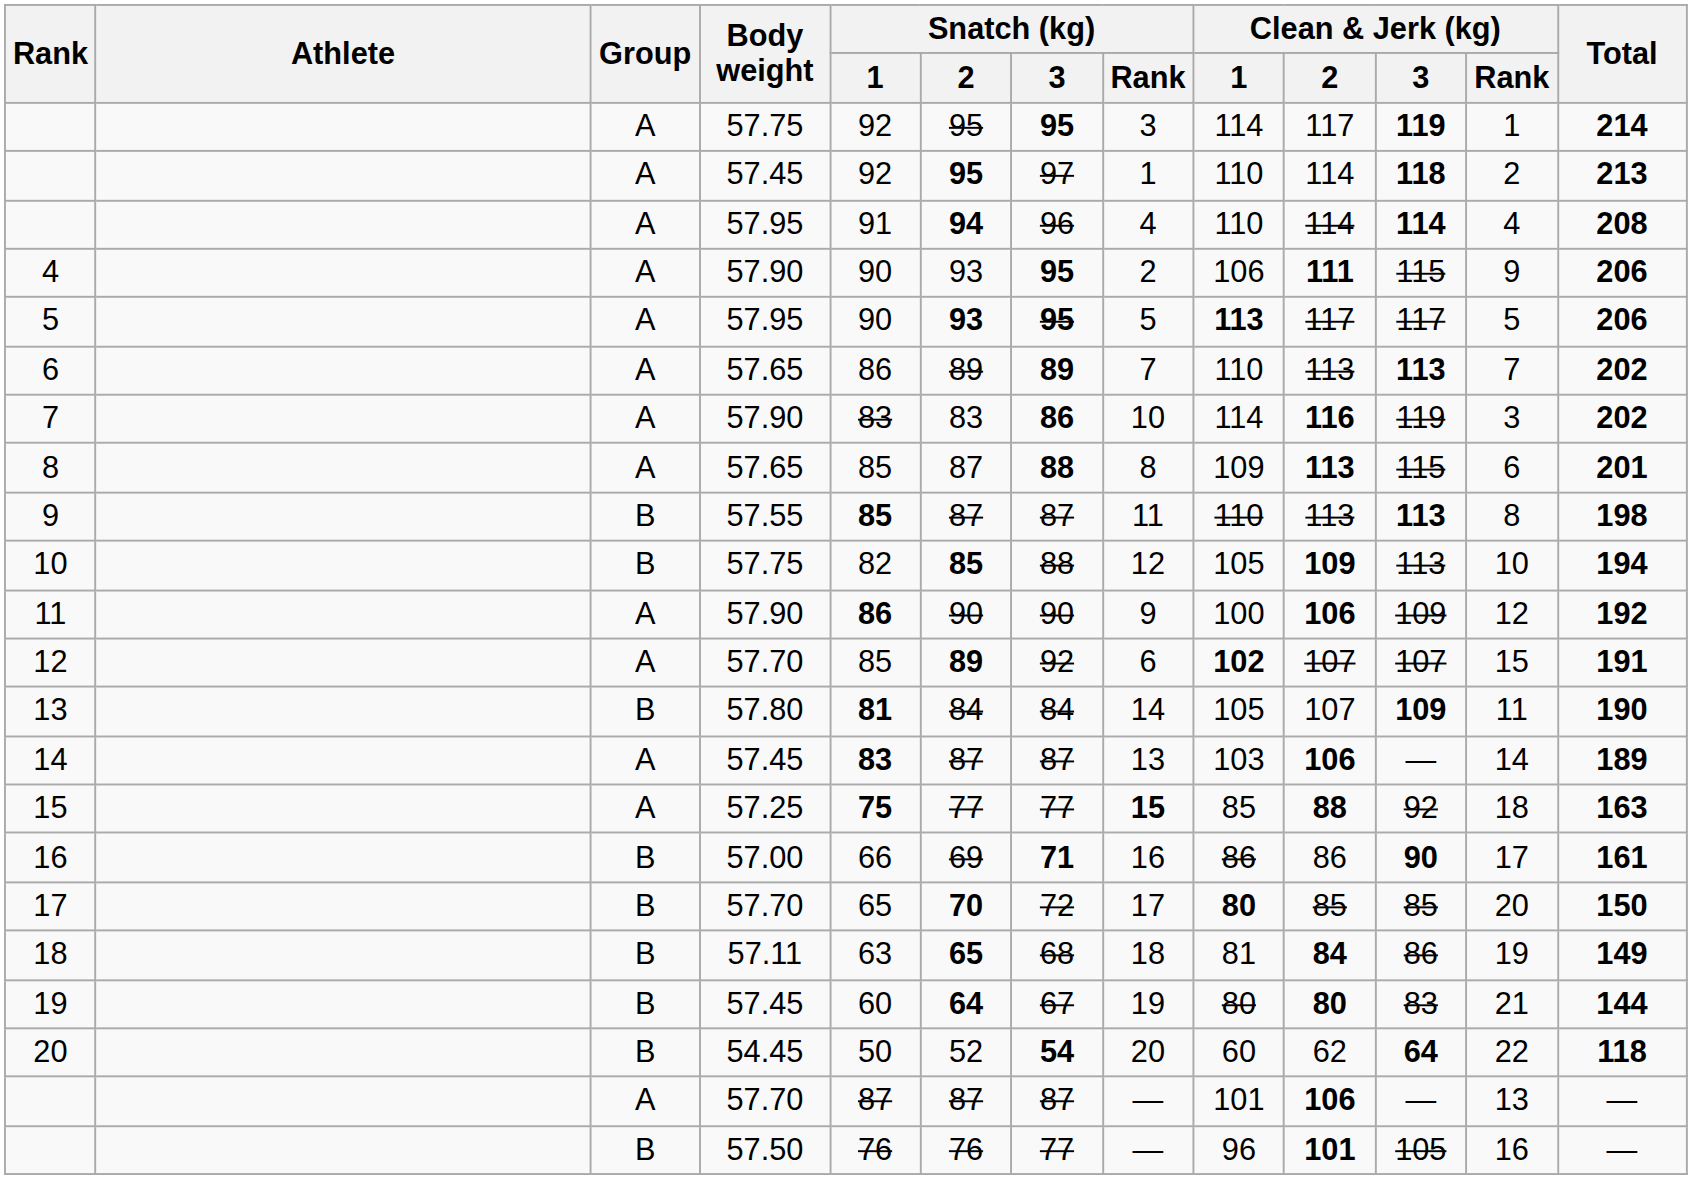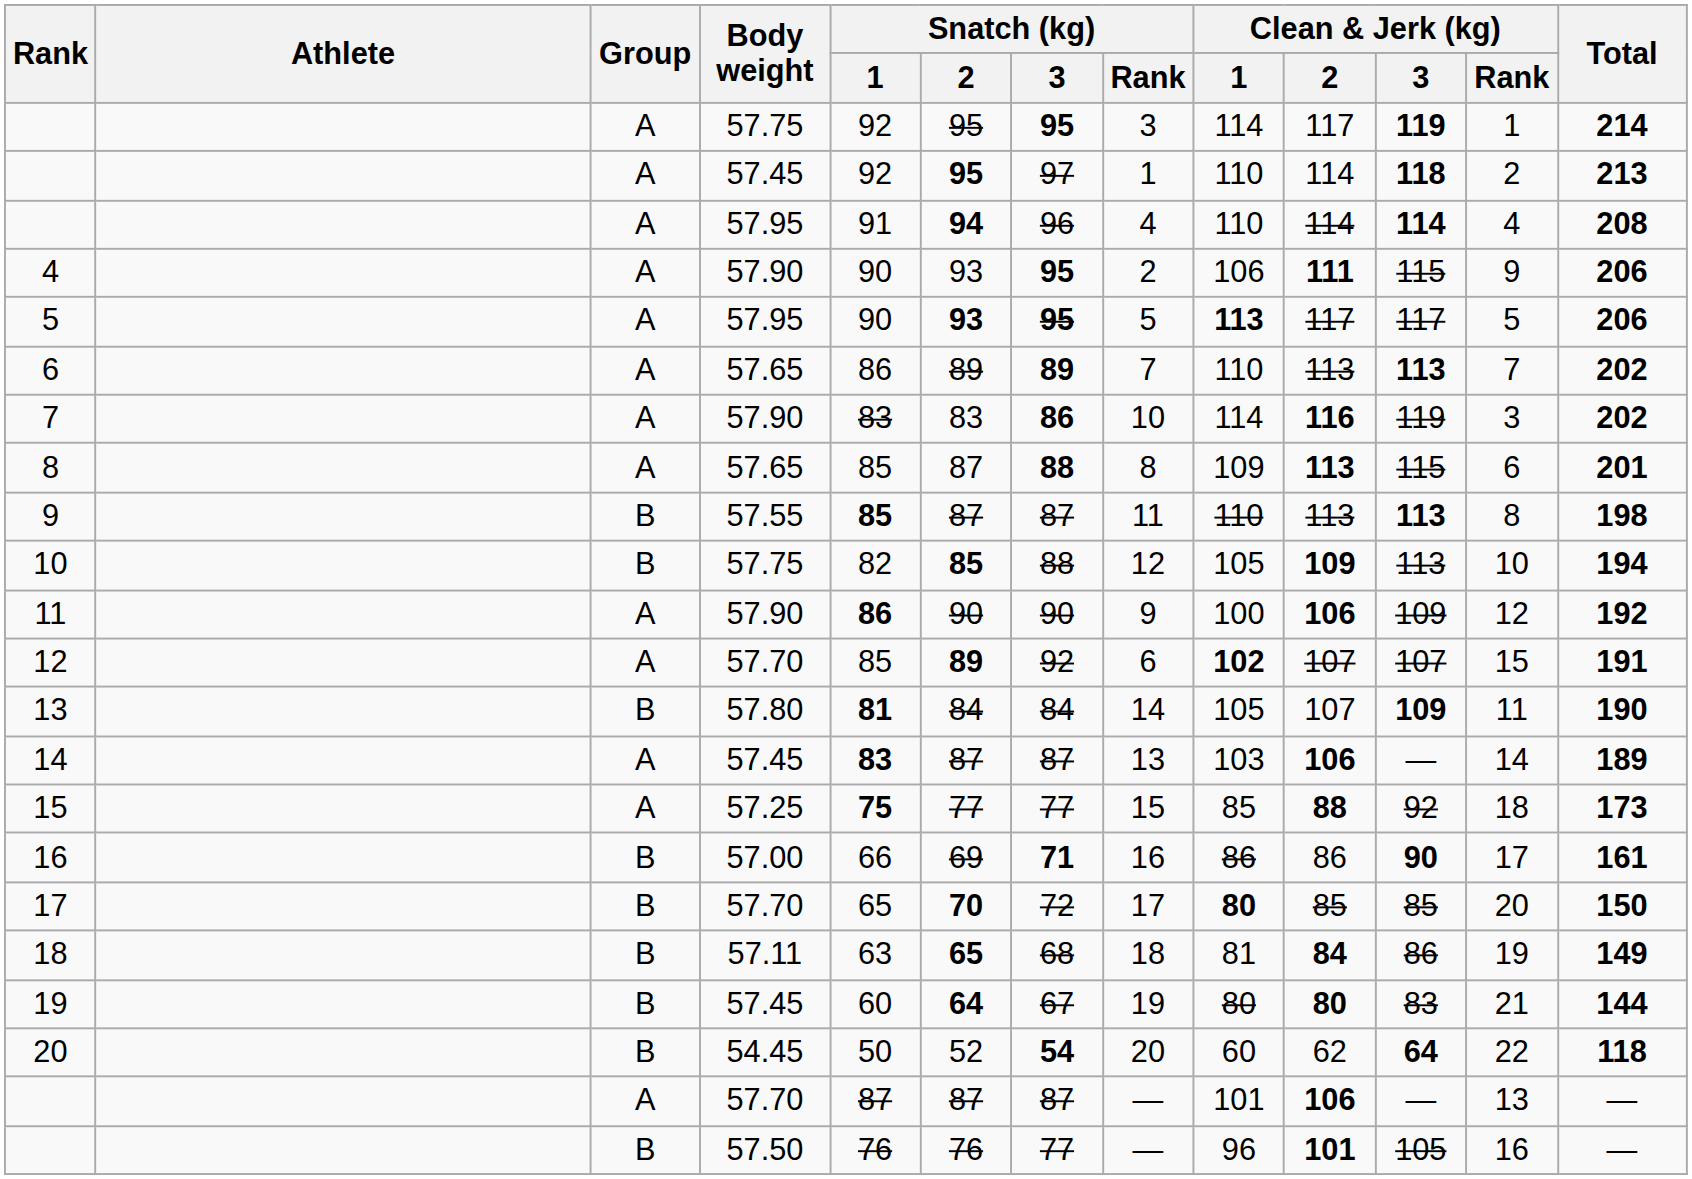 <table class = "wikitable" style="text-align:center;">
 <tr>
 <th rowspan=2 width=40>Rank</th>
 <th rowspan=2 width=250>Athlete</th>
 <th rowspan=2 width=50>Group</th>
 <th rowspan=2 width=60>Body weight</th>
 <th colspan=4>Snatch (kg)</th>
 <th colspan=4>Clean & Jerk (kg)</th>
 <th rowspan=2 width=60>Total</th>
 </tr>
 <tr>
 <th width=40>1</th>
 <th width=40>2</th>
 <th width=40>3</th>
 <th width=40>Rank</th>
 <th width=40>1</th>
 <th width=40>2</th>
 <th width=40>3</th>
 <th width=40>Rank</th>
 </tr>
 <tr>
 <td></td>
 <td align=left></td>
 <td>A</td>
 <td>57.75</td>
 <td>92</td>
 <td><s>95</s></td>
 <td><strong>95</strong></td>
 <td>3</td>
 <td>114</td>
 <td>117</td>
 <td><strong>119</strong></td>
 <td>1</td>
 <td><strong>214</strong></td>
 </tr>
 <tr>
 <td></td>
 <td align=left></td>
 <td>A</td>
 <td>57.45</td>
 <td>92</td>
 <td><strong>95</strong></td>
 <td><s>97</s></td>
 <td>1</td>
 <td>110</td>
 <td>114</td>
 <td><strong>118</strong></td>
 <td>2</td>
 <td><strong>213</strong></td>
 </tr>
 <tr>
 <td></td>
 <td align=left></td>
 <td>A</td>
 <td>57.95</td>
 <td>91</td>
 <td><strong>94</strong></td>
 <td><s>96</s></td>
 <td>4</td>
 <td>110</td>
 <td><s>114</s></td>
 <td><strong>114</strong></td>
 <td>4</td>
 <td><strong>208</strong></td>
 </tr>
 <tr>
 <td>4</td>
 <td align=left></td>
 <td>A</td>
 <td>57.90</td>
 <td>90</td>
 <td>93</td>
 <td><strong>95</strong></td>
 <td>2</td>
 <td>106</td>
 <td><strong>111</strong></td>
 <td><s>115</s></td>
 <td>9</td>
 <td><strong>206</strong></td>
 </tr>
 <tr>
 <td>5</td>
 <td align=left></td>
 <td>A</td>
 <td>57.95</td>
 <td>90</td>
 <td><strong>93</strong></td>
 <td><strong><s>95</s></strong></td>
 <td>5</td>
 <td><strong>113</strong></td>
 <td><s>117</s></td>
 <td><s>117</s></td>
 <td>5</td>
 <td><strong>206</strong></td>
 </tr>
 <tr>
 <td>6</td>
 <td align=left></td>
 <td>A</td>
 <td>57.65</td>
 <td>86</td>
 <td><s>89</s></td>
 <td><strong>89</strong></td>
 <td>7</td>
 <td>110</td>
 <td><s>113</s></td>
 <td><strong>113</strong></td>
 <td>7</td>
 <td><strong>202</strong></td>
 </tr>
 <tr>
 <td>7</td>
 <td align=left></td>
 <td>A</td>
 <td>57.90</td>
 <td><s>83</s></td>
 <td>83</td>
 <td><strong>86</strong></td>
 <td>10</td>
 <td>114</td>
 <td><strong>116</strong></td>
 <td><s>119</s></td>
 <td>3</td>
 <td><strong>202</strong></td>
 </tr>
 <tr>
 <td>8</td>
 <td align=left></td>
 <td>A</td>
 <td>57.65</td>
 <td>85</td>
 <td>87</td>
 <td><strong>88</strong></td>
 <td>8</td>
 <td>109</td>
 <td><strong>113</strong></td>
 <td><s>115</s></td>
 <td>6</td>
 <td><strong>201</strong></td>
 </tr>
 <tr>
 <td>9</td>
 <td align=left></td>
 <td>B</td>
 <td>57.55</td>
 <td><strong>85</strong></td>
 <td><s>87</s></td>
 <td><s>87</s></td>
 <td>11</td>
 <td><s>110</s></td>
 <td><s>113</s></td>
 <td><strong>113</strong></td>
 <td>8</td>
 <td><strong>198</strong></td>
 </tr>
 <tr>
 <td>10</td>
 <td align=left></td>
 <td>B</td>
 <td>57.75</td>
 <td>82</td>
 <td><strong>85</strong></td>
 <td><s>88</s></td>
 <td>12</td>
 <td>105</td>
 <td><strong>109</strong></td>
 <td><s>113</s></td>
 <td>10</td>
 <td><strong>194</strong></td>
 </tr>
 <tr>
 <td>11</td>
 <td align=left></td>
 <td>A</td>
 <td>57.90</td>
 <td><strong>86</strong></td>
 <td><s>90</s></td>
 <td><s>90</s></td>
 <td>9</td>
 <td>100</td>
 <td><strong>106</strong></td>
 <td><s>109</s></td>
 <td>12</td>
 <td><strong>192</strong></td>
 </tr>
 <tr>
 <td>12</td>
 <td align=left></td>
 <td>A</td>
 <td>57.70</td>
 <td>85</td>
 <td><strong>89</strong></td>
 <td><s>92</s></td>
 <td>6</td>
 <td><strong>102</strong></td>
 <td><s>107</s></td>
 <td><s>107</s></td>
 <td>15</td>
 <td><strong>191</strong></td>
 </tr>
 <tr>
 <td>13</td>
 <td align=left></td>
 <td>B</td>
 <td>57.80</td>
 <td><strong>81</strong></td>
 <td><s>84</s></td>
 <td><s>84</s></td>
 <td>14</td>
 <td>105</td>
 <td>107</td>
 <td><strong>109</strong></td>
 <td>11</td>
 <td><strong>190</strong></td>
 </tr>
 <tr>
 <td>14</td>
 <td align=left></td>
 <td>A</td>
 <td>57.45</td>
 <td><strong>83</strong></td>
 <td><s>87</s></td>
 <td><s>87</s></td>
 <td>13</td>
 <td>103</td>
 <td><strong>106</strong></td>
 <td>—</td>
 <td>14</td>
 <td><strong>189</strong></td>
 </tr>
 <tr>
 <td>15</td>
 <td align=left></td>
 <td>A</td>
 <td>57.25</td>
 <td><strong>75</strong></td>
 <td><s>77</s></td>
 <td><s>77</s></td>
-<td><strong>15</strong></td>
+<td>15</td>
 <td>85</td>
 <td><strong>88</strong></td>
 <td><s>92</s></td>
 <td>18</td>
-<td><strong>163</strong></td>
+<td><strong>173</strong></td>
 </tr>
 <tr>
 <td>16</td>
 <td align=left></td>
 <td>B</td>
 <td>57.00</td>
 <td>66</td>
 <td><s>69</s></td>
 <td><strong>71</strong></td>
 <td>16</td>
 <td><s>86</s></td>
 <td>86</td>
 <td><strong>90</strong></td>
 <td>17</td>
 <td><strong>161</strong></td>
 </tr>
 <tr>
 <td>17</td>
 <td align=left></td>
 <td>B</td>
 <td>57.70</td>
 <td>65</td>
 <td><strong>70</strong></td>
 <td><s>72</s></td>
 <td>17</td>
 <td><strong>80</strong></td>
 <td><s>85</s></td>
 <td><s>85</s></td>
 <td>20</td>
 <td><strong>150</strong></td>
 </tr>
 <tr>
 <td>18</td>
 <td align=left></td>
 <td>B</td>
 <td>57.11</td>
 <td>63</td>
 <td><strong>65</strong></td>
 <td><s>68</s></td>
 <td>18</td>
 <td>81</td>
 <td><strong>84</strong></td>
 <td><s>86</s></td>
 <td>19</td>
 <td><strong>149</strong></td>
 </tr>
 <tr>
 <td>19</td>
 <td align=left></td>
 <td>B</td>
 <td>57.45</td>
 <td>60</td>
 <td><strong>64</strong></td>
 <td><s>67</s></td>
 <td>19</td>
 <td><s>80</s></td>
 <td><strong>80</strong></td>
 <td><s>83</s></td>
 <td>21</td>
 <td><strong>144</strong></td>
 </tr>
 <tr>
 <td>20</td>
 <td align=left></td>
 <td>B</td>
 <td>54.45</td>
 <td>50</td>
 <td>52</td>
 <td><strong>54</strong></td>
 <td>20</td>
 <td>60</td>
 <td>62</td>
 <td><strong>64</strong></td>
 <td>22</td>
 <td><strong>118</strong></td>
 </tr>
 <tr>
 <td></td>
 <td align=left></td>
 <td>A</td>
 <td>57.70</td>
 <td><s>87</s></td>
 <td><s>87</s></td>
 <td><s>87</s></td>
 <td>—</td>
 <td>101</td>
 <td><strong>106</strong></td>
 <td>—</td>
 <td>13</td>
 <td>—</td>
 </tr>
 <tr>
 <td></td>
 <td align=left></td>
 <td>B</td>
 <td>57.50</td>
 <td><s>76</s></td>
 <td><s>76</s></td>
 <td><s>77</s></td>
 <td>—</td>
 <td>96</td>
 <td><strong>101</strong></td>
 <td><s>105</s></td>
 <td>16</td>
 <td>—</td>
 </tr>
 <tr>
 </tr>
 </table>
